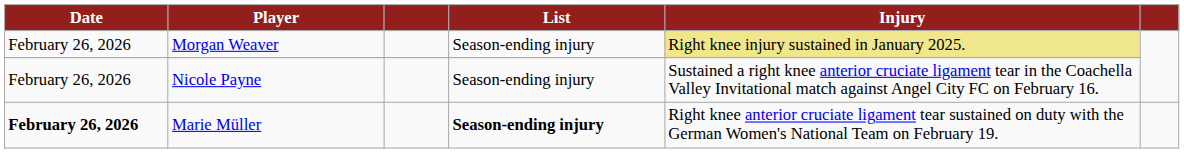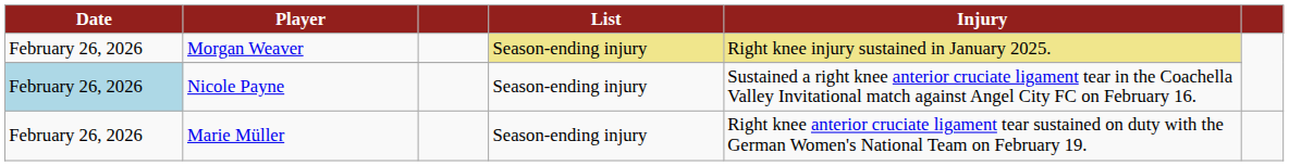 <table class="wikitable sortable" style="text-align:left;">
 <tr>
 <th style="background:#921f1c; color:#fff; width:150px;" data-sort-type="date">Date</th>
 <th style="background:#921f1c; color:#fff; width:200px;">Player</th>
 <th style="background:#921f1c; color:#fff; width:55px;"></th>
 <th style="background:#921f1c; color:#fff; width:200px;">List</th>
 <th style="background:#921f1c; color:#fff; width:450px;">Injury</th>
 <th style="background:#921f1c; color:#fff; width:30px;"></th>
 </tr>
 <tr>
 <td>February 26, 2026</td>
 <td> <a href='#'>Morgan Weaver</a></td>
 <td align="center"></td>
-<td>Season-ending injury</td>
+<td style="background: khaki;">Season-ending injury</td>
 <td style="background: khaki;">Right knee injury sustained in January 2025.</td>
 <td rowspan=3></td>
 </tr>
 <tr>
 </tr>
 <tr>
-<td>February 26, 2026</td>
+<td style="background: lightblue;">February 26, 2026</td>
 <td> <a href='#'>Nicole Payne</a></td>
 <td align="center"></td>
 <td>Season-ending injury</td>
 <td>Sustained a right knee <a href='#'>anterior cruciate ligament</a> tear in the Coachella Valley Invitational match against Angel City FC on February 16.</td>
 </tr>
 <tr>
-<td><strong>February 26, 2026</strong></td>
+<td>February 26, 2026</td>
 <td> <a href='#'>Marie Müller</a></td>
 <td align="center"></td>
-<td><strong>Season-ending injury</strong></td>
+<td>Season-ending injury</td>
 <td>Right knee <a href='#'>anterior cruciate ligament</a> tear sustained on duty with the German Women's National Team on February 19.</td>
 </tr>
 </table>
